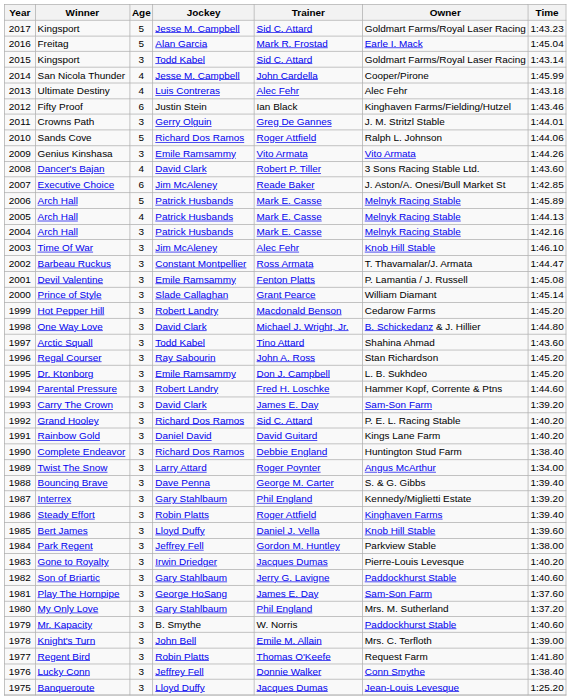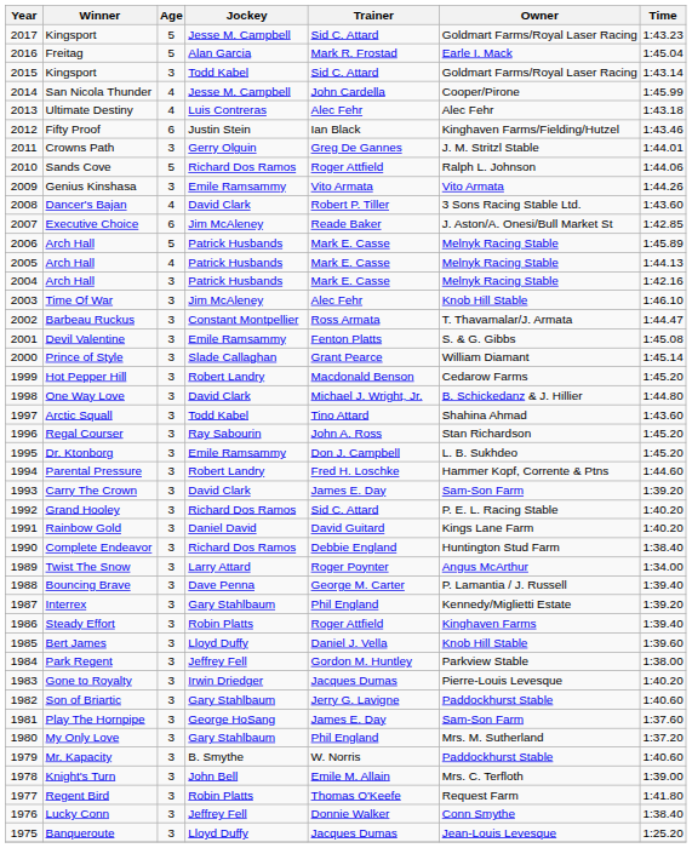 <table class="wikitable sortable" style="font-size:90%">
 <tr>
 <th style="width:38px">Year<br></th>
 <th style="width:130px">Winner<br></th>
 <th style="width:20px">Age<br></th>
 <th style="width:140px">Jockey<br></th>
 <th style="width:150px">Trainer<br></th>
 <th style="width:">Owner<br></th>
 <th style="width:25px">Time</th>
 </tr>
 <tr>
 <td align=center>2017</td>
 <td>Kingsport</td>
 <td align=center>5</td>
 <td><a href='#'>Jesse M. Campbell</a></td>
 <td><a href='#'>Sid C. Attard</a></td>
 <td>Goldmart Farms/Royal Laser Racing</td>
 <td>1:43.23</td>
 </tr>
 <tr>
 <td align=center>2016</td>
 <td>Freitag</td>
 <td align=center>5</td>
 <td><a href='#'>Alan Garcia</a></td>
 <td><a href='#'>Mark R. Frostad</a></td>
 <td><a href='#'>Earle I. Mack</a></td>
 <td>1:45.04</td>
 </tr>
 <tr>
 <td align=center>2015</td>
 <td>Kingsport</td>
 <td align=center>3</td>
 <td><a href='#'>Todd Kabel</a></td>
 <td><a href='#'>Sid C. Attard</a></td>
 <td>Goldmart Farms/Royal Laser Racing</td>
 <td>1:43.14</td>
 </tr>
 <tr>
 <td align=center>2014</td>
 <td>San Nicola Thunder</td>
 <td align=center>4</td>
 <td><a href='#'>Jesse M. Campbell</a></td>
 <td><a href='#'>John Cardella</a></td>
 <td>Cooper/Pirone</td>
 <td>1:45.99</td>
 </tr>
 <tr>
 <td align=center>2013</td>
 <td>Ultimate Destiny</td>
 <td align=center>4</td>
 <td><a href='#'>Luis Contreras</a></td>
 <td><a href='#'>Alec Fehr</a></td>
 <td>Alec Fehr</td>
 <td>1:43.18</td>
 </tr>
 <tr>
 <td align=center>2012</td>
 <td>Fifty Proof</td>
 <td align=center>6</td>
 <td>Justin Stein</td>
 <td>Ian Black</td>
 <td>Kinghaven Farms/Fielding/Hutzel</td>
 <td>1:43.46</td>
 </tr>
 <tr>
 <td align=center>2011</td>
 <td>Crowns Path</td>
 <td align=center>3</td>
 <td><a href='#'>Gerry Olguin</a></td>
 <td><a href='#'>Greg De Gannes</a></td>
 <td>J. M. Stritzl Stable</td>
 <td>1:44.01</td>
 </tr>
 <tr>
 <td align=center>2010</td>
 <td>Sands Cove</td>
 <td align=center>5</td>
 <td><a href='#'>Richard Dos Ramos</a></td>
 <td><a href='#'>Roger Attfield</a></td>
 <td>Ralph L. Johnson</td>
 <td>1:44.06</td>
 </tr>
 <tr>
 <td align=center>2009</td>
 <td>Genius Kinshasa</td>
 <td align=center>3</td>
 <td><a href='#'>Emile Ramsammy</a></td>
 <td><a href='#'>Vito Armata</a></td>
 <td><a href='#'>Vito Armata</a></td>
 <td>1:44.26</td>
 </tr>
 <tr>
 <td align=center>2008</td>
 <td><a href='#'>Dancer's Bajan</a></td>
 <td align=center>4</td>
 <td><a href='#'>David Clark</a></td>
 <td><a href='#'>Robert P. Tiller</a></td>
 <td>3 Sons Racing Stable Ltd.</td>
 <td>1:43.60</td>
 </tr>
 <tr>
 <td align=center>2007</td>
 <td><a href='#'>Executive Choice</a></td>
 <td align=center>6</td>
 <td><a href='#'>Jim McAleney</a></td>
 <td><a href='#'>Reade Baker</a></td>
 <td>J. Aston/A. Onesi/Bull Market St</td>
 <td>1:42.85</td>
 </tr>
 <tr>
 <td align=center>2006</td>
 <td><a href='#'>Arch Hall</a></td>
 <td align=center>5</td>
 <td><a href='#'>Patrick Husbands</a></td>
 <td><a href='#'>Mark E. Casse</a></td>
 <td><a href='#'>Melnyk Racing Stable</a></td>
 <td>1:45.89</td>
 </tr>
 <tr>
 <td align=center>2005</td>
 <td><a href='#'>Arch Hall</a></td>
 <td align=center>4</td>
 <td><a href='#'>Patrick Husbands</a></td>
 <td><a href='#'>Mark E. Casse</a></td>
 <td><a href='#'>Melnyk Racing Stable</a></td>
 <td>1:44.13</td>
 </tr>
 <tr>
 <td align=center>2004</td>
 <td><a href='#'>Arch Hall</a></td>
 <td align=center>3</td>
 <td><a href='#'>Patrick Husbands</a></td>
 <td><a href='#'>Mark E. Casse</a></td>
 <td><a href='#'>Melnyk Racing Stable</a></td>
 <td>1:42.16</td>
 </tr>
 <tr>
 <td align=center>2003</td>
 <td><a href='#'>Time Of War</a></td>
 <td align=center>3</td>
 <td><a href='#'>Jim McAleney</a></td>
 <td><a href='#'>Alec Fehr</a></td>
 <td><a href='#'>Knob Hill Stable</a></td>
 <td>1:46.10</td>
 </tr>
 <tr>
 <td align=center>2002</td>
 <td><a href='#'>Barbeau Ruckus</a></td>
 <td align=center>3</td>
 <td><a href='#'>Constant Montpellier</a></td>
 <td><a href='#'>Ross Armata</a></td>
 <td>T. Thavamalar/J. Armata</td>
 <td>1:44.47</td>
 </tr>
 <tr>
 <td align=center>2001</td>
 <td><a href='#'>Devil Valentine</a></td>
 <td align=center>3</td>
 <td><a href='#'>Emile Ramsammy</a></td>
 <td><a href='#'>Fenton Platts</a></td>
-<td>P. Lamantia / J. Russell</td>
+<td>S. & G. Gibbs</td>
 <td>1:45.08</td>
 </tr>
 <tr>
 <td align=center>2000</td>
 <td><a href='#'>Prince of Style</a></td>
 <td align=center>3</td>
 <td><a href='#'>Slade Callaghan</a></td>
 <td><a href='#'>Grant Pearce</a></td>
 <td>William Diamant</td>
 <td>1:45.14</td>
 </tr>
 <tr>
 <td align=center>1999</td>
 <td><a href='#'>Hot Pepper Hill</a></td>
 <td align=center>3</td>
 <td><a href='#'>Robert Landry</a></td>
 <td><a href='#'>Macdonald Benson</a></td>
 <td>Cedarow Farms</td>
 <td>1:45.20</td>
 </tr>
 <tr>
 <td align=center>1998</td>
 <td><a href='#'>One Way Love</a></td>
 <td align=center>3</td>
 <td><a href='#'>David Clark</a></td>
 <td><a href='#'>Michael J. Wright, Jr.</a></td>
 <td><a href='#'>B. Schickedanz</a> & J. Hillier</td>
 <td>1:44.80</td>
 </tr>
 <tr>
 <td align=center>1997</td>
 <td><a href='#'>Arctic Squall</a></td>
 <td align=center>3</td>
 <td><a href='#'>Todd Kabel</a></td>
 <td><a href='#'>Tino Attard</a></td>
 <td>Shahina Ahmad</td>
 <td>1:43.60</td>
 </tr>
 <tr>
 <td align=center>1996</td>
 <td><a href='#'>Regal Courser</a></td>
 <td align=center>3</td>
 <td><a href='#'>Ray Sabourin</a></td>
 <td><a href='#'>John A. Ross</a></td>
 <td>Stan Richardson</td>
 <td>1:45.20</td>
 </tr>
 <tr>
 <td align=center>1995</td>
 <td><a href='#'>Dr. Ktonborg</a></td>
 <td align=center>3</td>
 <td><a href='#'>Emile Ramsammy</a></td>
 <td><a href='#'>Don J. Campbell</a></td>
 <td>L. B. Sukhdeo</td>
 <td>1:45.20</td>
 </tr>
 <tr>
 <td align=center>1994</td>
 <td><a href='#'>Parental Pressure</a></td>
 <td align=center>3</td>
 <td><a href='#'>Robert Landry</a></td>
 <td><a href='#'>Fred H. Loschke</a></td>
 <td>Hammer Kopf, Corrente & Ptns</td>
 <td>1:44.60</td>
 </tr>
 <tr>
 <td align=center>1993</td>
 <td><a href='#'>Carry The Crown</a></td>
 <td align=center>3</td>
 <td><a href='#'>David Clark</a></td>
 <td><a href='#'>James E. Day</a></td>
 <td><a href='#'>Sam-Son Farm</a></td>
 <td>1:39.20</td>
 </tr>
 <tr>
 <td align=center>1992</td>
 <td><a href='#'>Grand Hooley</a></td>
 <td align=center>3</td>
 <td><a href='#'>Richard Dos Ramos</a></td>
 <td><a href='#'>Sid C. Attard</a></td>
 <td>P. E. L. Racing Stable</td>
 <td>1:40.20</td>
 </tr>
 <tr>
 <td align=center>1991</td>
 <td><a href='#'>Rainbow Gold</a></td>
 <td align=center>3</td>
 <td><a href='#'>Daniel David</a></td>
 <td><a href='#'>David Guitard</a></td>
 <td>Kings Lane Farm</td>
 <td>1:40.20</td>
 </tr>
 <tr>
 <td align=center>1990</td>
 <td><a href='#'>Complete Endeavor</a></td>
 <td align=center>3</td>
 <td><a href='#'>Richard Dos Ramos</a></td>
 <td><a href='#'>Debbie England</a></td>
 <td>Huntington Stud Farm</td>
 <td>1:38.40</td>
 </tr>
 <tr>
 <td align=center>1989</td>
 <td><a href='#'>Twist The Snow</a></td>
 <td align=center>3</td>
 <td><a href='#'>Larry Attard</a></td>
 <td><a href='#'>Roger Poynter</a></td>
 <td><a href='#'>Angus McArthur</a></td>
 <td>1:34.00</td>
 </tr>
 <tr>
 <td align=center>1988</td>
 <td><a href='#'>Bouncing Brave</a></td>
 <td align=center>3</td>
 <td><a href='#'>Dave Penna</a></td>
 <td><a href='#'>George M. Carter</a></td>
-<td>S. & G. Gibbs</td>
+<td>P. Lamantia / J. Russell</td>
 <td>1:39.40</td>
 </tr>
 <tr>
 <td align=center>1987</td>
 <td><a href='#'>Interrex</a></td>
 <td align=center>3</td>
 <td><a href='#'>Gary Stahlbaum</a></td>
 <td><a href='#'>Phil England</a></td>
 <td>Kennedy/Miglietti Estate</td>
 <td>1:39.20</td>
 </tr>
 <tr>
 <td align=center>1986</td>
 <td><a href='#'>Steady Effort</a></td>
 <td align=center>3</td>
 <td><a href='#'>Robin Platts</a></td>
 <td><a href='#'>Roger Attfield</a></td>
 <td><a href='#'>Kinghaven Farms</a></td>
 <td>1:39.40</td>
 </tr>
 <tr>
 <td align=center>1985</td>
 <td><a href='#'>Bert James</a></td>
 <td align=center>3</td>
 <td><a href='#'>Lloyd Duffy</a></td>
 <td><a href='#'>Daniel J. Vella</a></td>
 <td><a href='#'>Knob Hill Stable</a></td>
 <td>1:39.60</td>
 </tr>
 <tr>
 <td align=center>1984</td>
 <td><a href='#'>Park Regent</a></td>
 <td align=center>3</td>
 <td><a href='#'>Jeffrey Fell</a></td>
 <td><a href='#'>Gordon M. Huntley</a></td>
 <td>Parkview Stable</td>
 <td>1:38.00</td>
 </tr>
 <tr>
 <td align=center>1983</td>
 <td><a href='#'>Gone to Royalty</a></td>
 <td align=center>3</td>
 <td><a href='#'>Irwin Driedger</a></td>
 <td><a href='#'>Jacques Dumas</a></td>
 <td>Pierre-Louis Levesque</td>
 <td>1:40.20</td>
 </tr>
 <tr>
 <td align=center>1982</td>
 <td><a href='#'>Son of Briartic</a></td>
 <td align=center>3</td>
 <td><a href='#'>Gary Stahlbaum</a></td>
 <td><a href='#'>Jerry G. Lavigne</a></td>
 <td><a href='#'>Paddockhurst Stable</a></td>
 <td>1:40.60</td>
 </tr>
 <tr>
 <td align=center>1981</td>
 <td><a href='#'>Play The Hornpipe</a></td>
 <td align=center>3</td>
 <td><a href='#'>George HoSang</a></td>
 <td><a href='#'>James E. Day</a></td>
 <td><a href='#'>Sam-Son Farm</a></td>
 <td>1:37.60</td>
 </tr>
 <tr>
 <td align=center>1980</td>
 <td><a href='#'>My Only Love</a></td>
 <td align=center>3</td>
 <td><a href='#'>Gary Stahlbaum</a></td>
 <td><a href='#'>Phil England</a></td>
 <td>Mrs. M. Sutherland</td>
 <td>1:37.20</td>
 </tr>
 <tr>
 <td align=center>1979</td>
 <td><a href='#'>Mr. Kapacity</a></td>
 <td align=center>3</td>
 <td>B. Smythe</td>
 <td>W. Norris</td>
 <td><a href='#'>Paddockhurst Stable</a></td>
 <td>1:40.60</td>
 </tr>
 <tr>
 <td align=center>1978</td>
 <td><a href='#'>Knight's Turn</a></td>
 <td align=center>3</td>
 <td><a href='#'>John Bell</a></td>
 <td><a href='#'>Emile M. Allain</a></td>
 <td>Mrs. C. Terfloth</td>
 <td>1:39.00</td>
 </tr>
 <tr>
 <td align=center>1977</td>
 <td><a href='#'>Regent Bird</a></td>
 <td align=center>3</td>
 <td><a href='#'>Robin Platts</a></td>
 <td><a href='#'>Thomas O'Keefe</a></td>
 <td>Request Farm</td>
 <td>1:41.80</td>
 </tr>
 <tr>
 <td align=center>1976</td>
 <td><a href='#'>Lucky Conn</a></td>
 <td align=center>3</td>
 <td><a href='#'>Jeffrey Fell</a></td>
 <td><a href='#'>Donnie Walker</a></td>
 <td><a href='#'>Conn Smythe</a></td>
 <td>1:38.40</td>
 </tr>
 <tr>
 <td align=center>1975</td>
 <td><a href='#'>Banqueroute</a></td>
 <td align=center>3</td>
 <td><a href='#'>Lloyd Duffy</a></td>
 <td><a href='#'>Jacques Dumas</a></td>
 <td><a href='#'>Jean-Louis Levesque</a></td>
 <td>1:25.20</td>
 </tr>
 <tr>
 </tr>
 </table>
